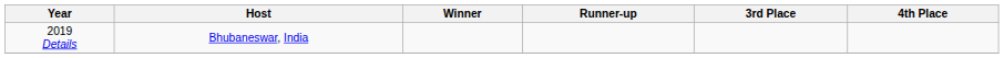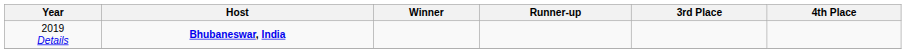 <table class="wikitable" style="font-size:90%; width: 100%; text-align: center;">
 <tr>
 <th>Year</th>
 <th>Host</th>
 <th>Winner</th>
 <th>Runner-up</th>
 <th>3rd Place</th>
 <th>4th Place</th>
 </tr>
 <tr>
 <td>2019<br><em><a href='#'>Details</a></em></td>
-<td><a href='#'>Bhubaneswar</a>, <a href='#'>India</a></td>
+<td><strong><a href='#'>Bhubaneswar</a>, <a href='#'>India</a></strong></td>
 <td><strong></strong></td>
 <td></td>
 <td></td>
 <td></td>
 </tr>
 <tr>
 </tr>
 </table>
